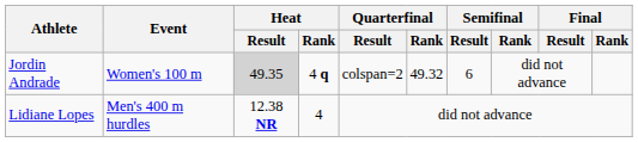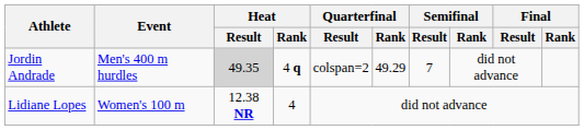 <table class="wikitable" style="font-size:90%">
 <tr>
 <th rowspan="2">Athlete</th>
 <th rowspan="2">Event</th>
 <th colspan="2">Heat</th>
 <th colspan="2">Quarterfinal</th>
 <th colspan="2">Semifinal</th>
 <th colspan="2">Final</th>
 </tr>
 <tr style="font-size:95%">
 <th>Result</th>
 <th>Rank</th>
 <th>Result</th>
 <th>Rank</th>
 <th>Result</th>
 <th>Rank</th>
 <th>Result</th>
 <th>Rank</th>
 </tr>
 <tr align=center>
 <td align=left><a href='#'>Jordin Andrade</a></td>
-<td align=left><a href='#'>Women's 100 m</a></td>
+<td align=left><a href='#'>Men's 400 m hurdles</a></td>
 <td style="background: lightgrey;">49.35</td>
 <td>4 <strong>q</strong></td>
 <td>colspan=2 </td>
-<td>49.32</td>
-<td>6</td>
+<td>49.29</td>
+<td>7</td>
 <td colspan=2>did not advance</td>
 </tr>
 <tr align=center>
 <td align=left><a href='#'>Lidiane Lopes</a></td>
-<td align=left><a href='#'>Men's 400 m hurdles</a></td>
+<td align=left><a href='#'>Women's 100 m</a></td>
 <td>12.38 <strong><a href='#'>NR</a></strong></td>
 <td>4</td>
 <td colspan=6>did not advance</td>
 </tr>
 </table>
